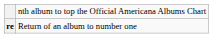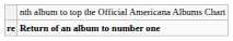 <table class="wikitable plainrowheaders" style="font-size:90%;">
 <tr>
 <th scope=col></th>
 <td>nth album to top the Official Americana Albums Chart</td>
 </tr>
 <tr>
 <th scope=row style="text-align:center;">re</th>
-<td>Return of an album to number one</td>
+<td><strong>Return of an album to number one</strong></td>
 </tr>
 </table>
